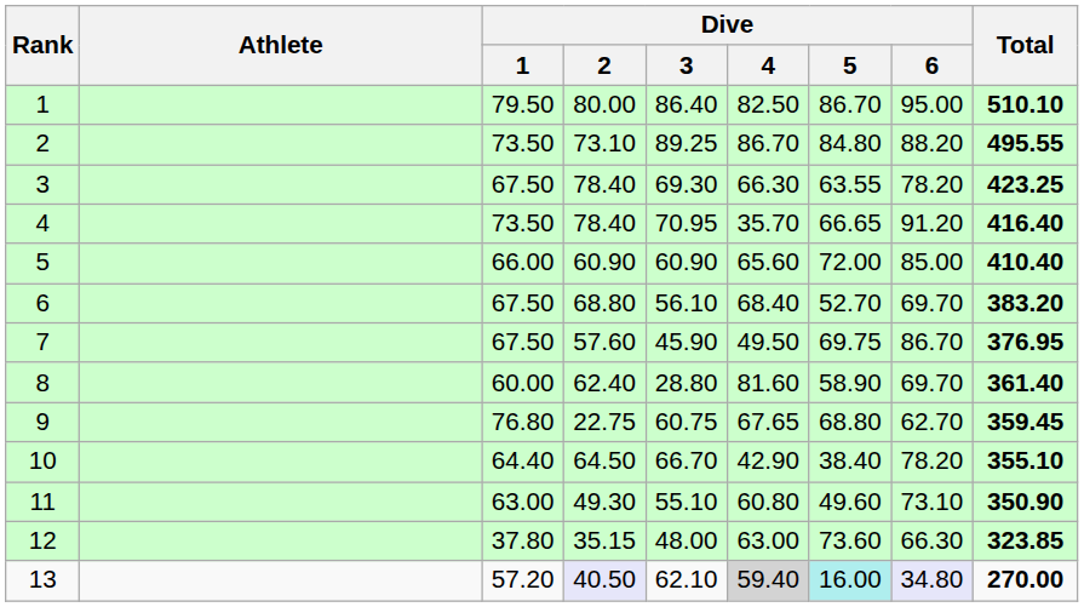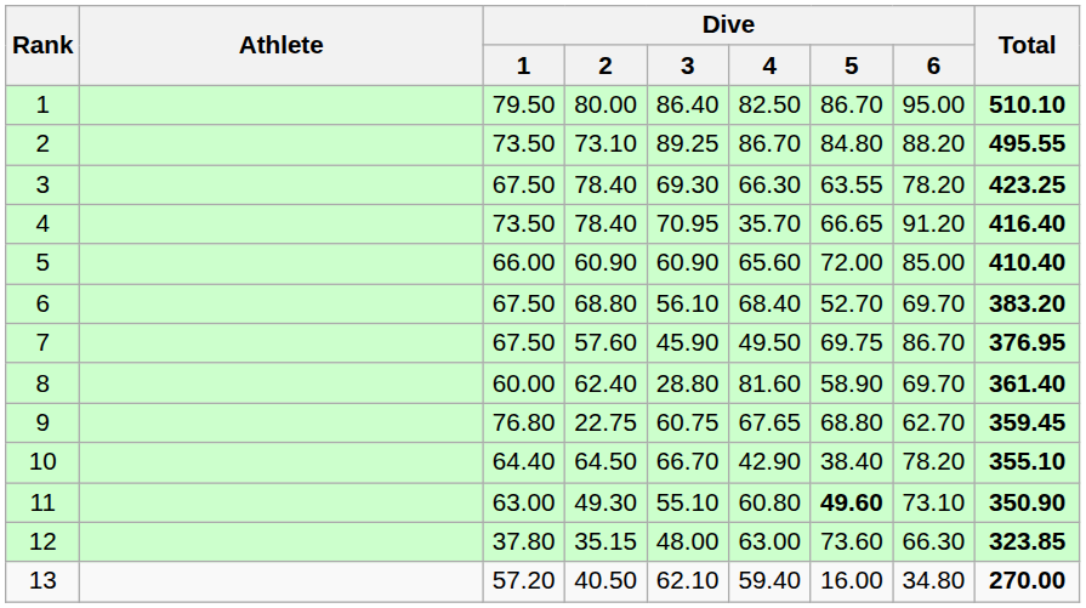 <table class=wikitable style="text-align:center">
 <tr>
 <th rowspan="2" width=40>Rank</th>
 <th rowspan="2" width=250>Athlete</th>
 <th colspan="6">Dive</th>
 <th rowspan="2" width=60>Total</th>
 </tr>
 <tr>
 <th width=45>1</th>
 <th width=45>2</th>
 <th width=45>3</th>
 <th width=45>4</th>
 <th width=45>5</th>
 <th width=45>6</th>
 </tr>
 <tr bgcolor="ccffcc">
 <td>1</td>
 <td align=left></td>
 <td>79.50</td>
 <td>80.00</td>
 <td>86.40</td>
 <td>82.50</td>
 <td>86.70</td>
 <td>95.00</td>
 <td><strong>510.10</strong></td>
 </tr>
 <tr bgcolor="ccffcc">
 <td>2</td>
 <td align=left></td>
 <td>73.50</td>
 <td>73.10</td>
 <td>89.25</td>
 <td>86.70</td>
 <td>84.80</td>
 <td>88.20</td>
 <td><strong>495.55</strong></td>
 </tr>
 <tr bgcolor="ccffcc">
 <td>3</td>
 <td align=left></td>
 <td>67.50</td>
 <td>78.40</td>
 <td>69.30</td>
 <td>66.30</td>
 <td>63.55</td>
 <td>78.20</td>
 <td><strong>423.25</strong></td>
 </tr>
 <tr bgcolor="ccffcc">
 <td>4</td>
 <td align=left></td>
 <td>73.50</td>
 <td>78.40</td>
 <td>70.95</td>
 <td>35.70</td>
 <td>66.65</td>
 <td>91.20</td>
 <td><strong>416.40</strong></td>
 </tr>
 <tr bgcolor="ccffcc">
 <td>5</td>
 <td align=left></td>
 <td>66.00</td>
 <td>60.90</td>
 <td>60.90</td>
 <td>65.60</td>
 <td>72.00</td>
 <td>85.00</td>
 <td><strong>410.40</strong></td>
 </tr>
 <tr bgcolor="ccffcc">
 <td>6</td>
 <td align=left></td>
 <td>67.50</td>
 <td>68.80</td>
 <td>56.10</td>
 <td>68.40</td>
 <td>52.70</td>
 <td>69.70</td>
 <td><strong>383.20</strong></td>
 </tr>
 <tr bgcolor="ccffcc">
 <td>7</td>
 <td align=left></td>
 <td>67.50</td>
 <td>57.60</td>
 <td>45.90</td>
 <td>49.50</td>
 <td>69.75</td>
 <td>86.70</td>
 <td><strong>376.95</strong></td>
 </tr>
 <tr bgcolor="ccffcc">
 <td>8</td>
 <td align=left></td>
 <td>60.00</td>
 <td>62.40</td>
 <td>28.80</td>
 <td>81.60</td>
 <td>58.90</td>
 <td>69.70</td>
 <td><strong>361.40</strong></td>
 </tr>
 <tr bgcolor="ccffcc">
 <td>9</td>
 <td align=left></td>
 <td>76.80</td>
 <td>22.75</td>
 <td>60.75</td>
 <td>67.65</td>
 <td>68.80</td>
 <td>62.70</td>
 <td><strong>359.45</strong></td>
 </tr>
 <tr bgcolor="ccffcc">
 <td>10</td>
 <td align=left></td>
 <td>64.40</td>
 <td>64.50</td>
 <td>66.70</td>
 <td>42.90</td>
 <td>38.40</td>
 <td>78.20</td>
 <td><strong>355.10</strong></td>
 </tr>
 <tr bgcolor="ccffcc">
 <td>11</td>
 <td align=left></td>
 <td>63.00</td>
 <td>49.30</td>
 <td>55.10</td>
 <td>60.80</td>
-<td>49.60</td>
+<td><strong>49.60</strong></td>
 <td>73.10</td>
 <td><strong>350.90</strong></td>
 </tr>
 <tr bgcolor="ccffcc">
 <td>12</td>
 <td align=left></td>
 <td>37.80</td>
 <td>35.15</td>
 <td>48.00</td>
 <td>63.00</td>
 <td>73.60</td>
 <td>66.30</td>
 <td><strong>323.85</strong></td>
 </tr>
 <tr>
 <td>13</td>
 <td align=left></td>
 <td>57.20</td>
-<td style="background: lavender;">40.50</td>
+<td>40.50</td>
 <td>62.10</td>
-<td style="background: lightgrey;">59.40</td>
-<td style="background: paleturquoise;">16.00</td>
-<td style="background: lavender;">34.80</td>
+<td>59.40</td>
+<td>16.00</td>
+<td>34.80</td>
 <td><strong>270.00</strong></td>
 </tr>
 </table>
